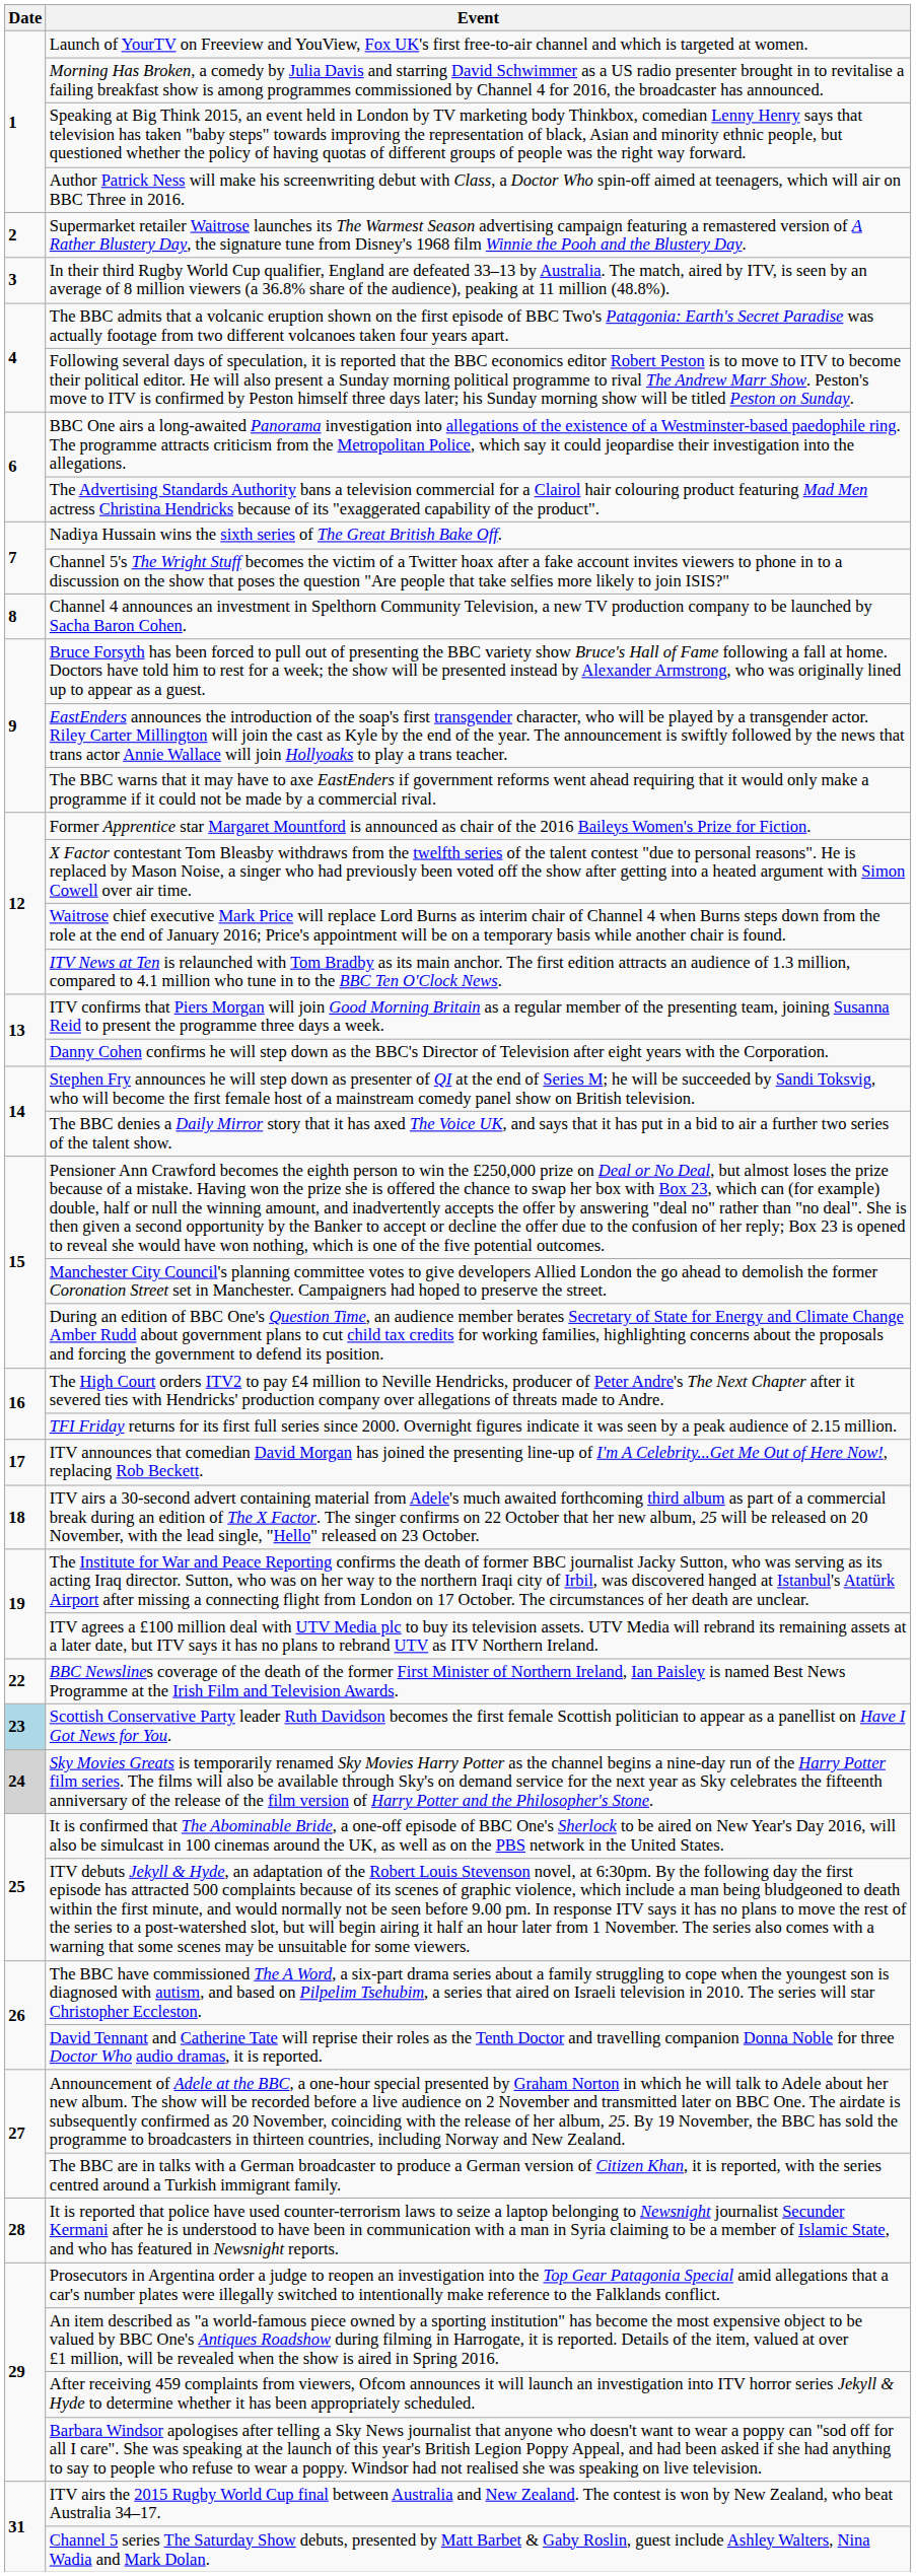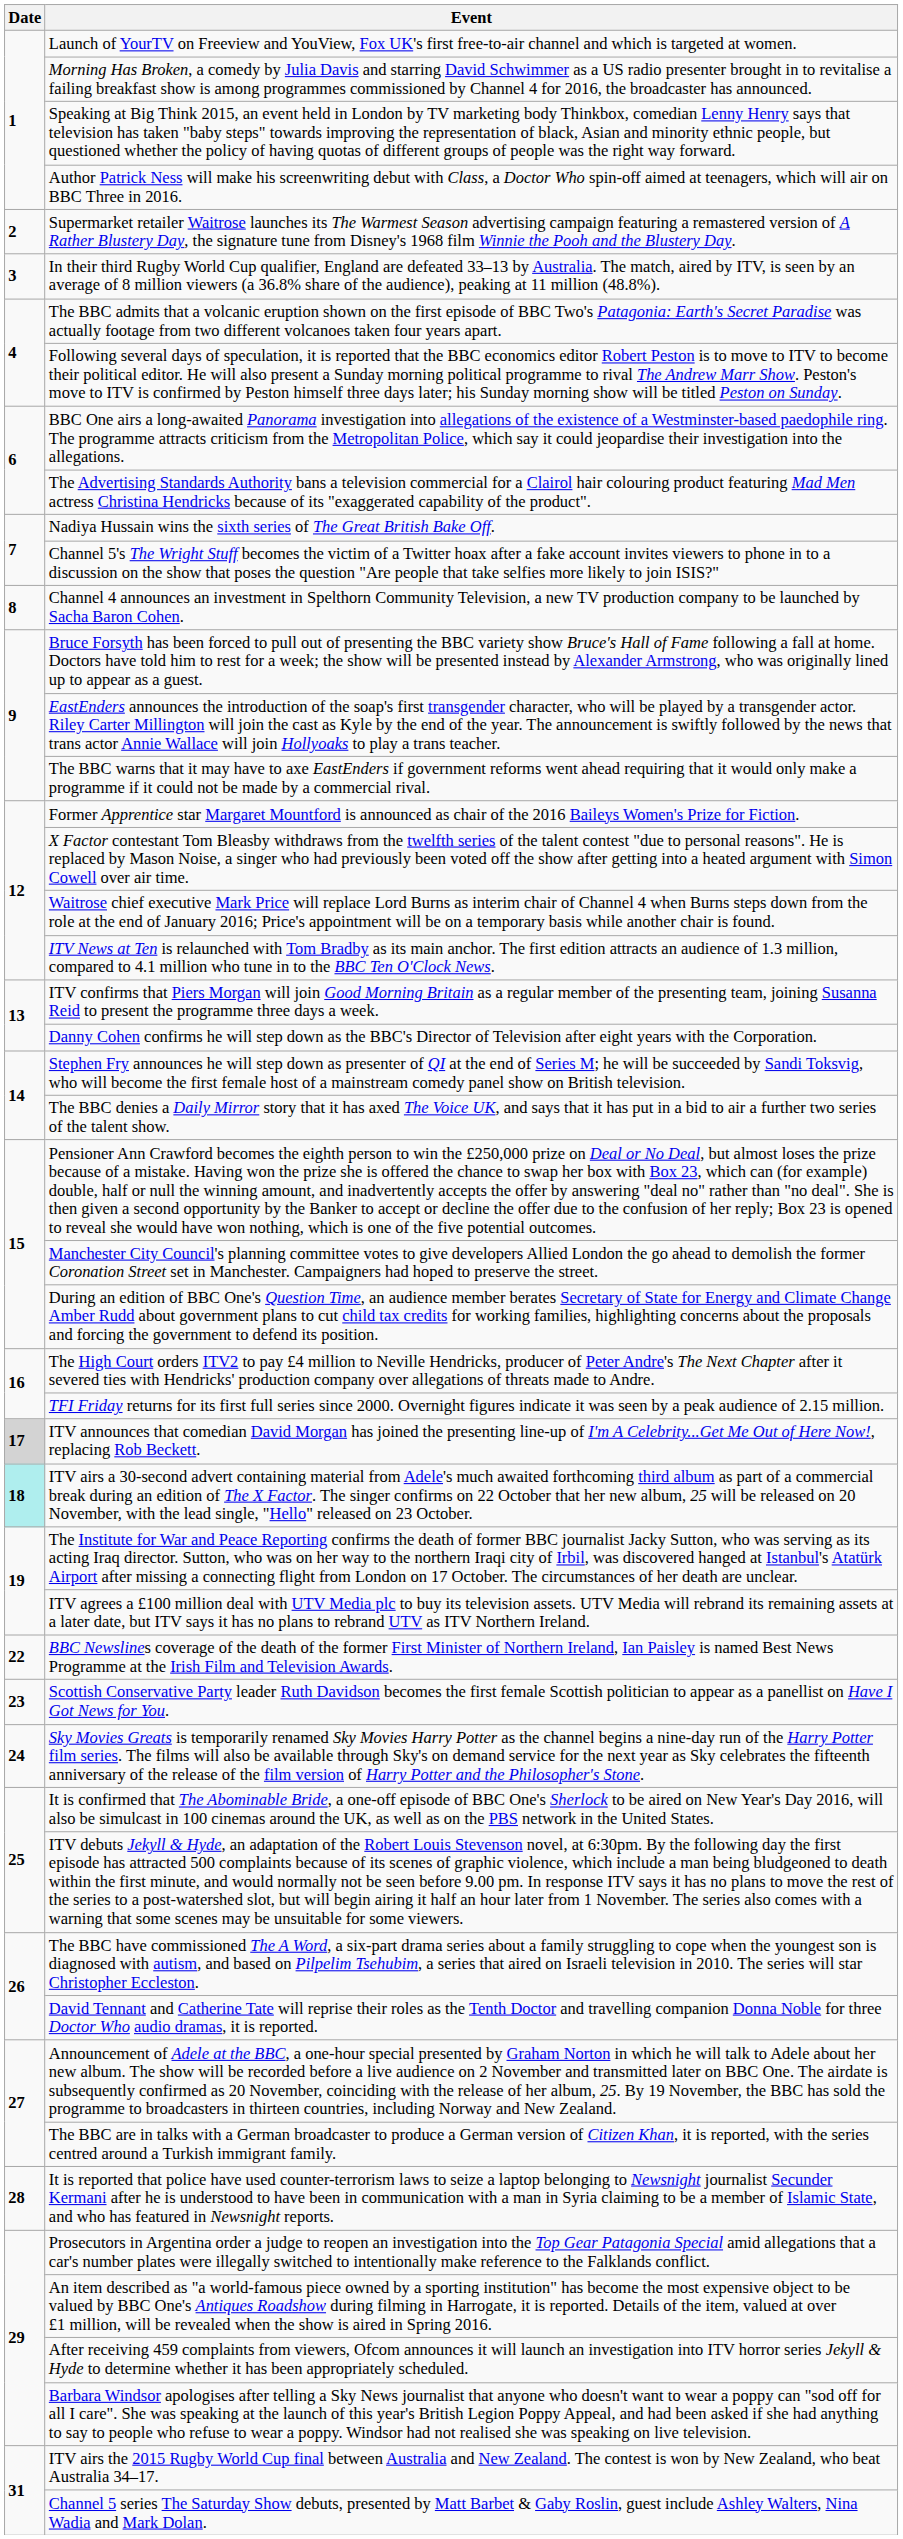 <table class="wikitable">
 <tr>
 <th>Date</th>
 <th>Event</th>
 </tr>
 <tr>
 <td rowspan=4><strong>1</strong></td>
 <td>Launch of <a href='#'>YourTV</a> on Freeview and YouView, <a href='#'>Fox UK</a>'s first free-to-air channel and which is targeted at women.</td>
 </tr>
 <tr>
 <td><em>Morning Has Broken</em>, a comedy by <a href='#'>Julia Davis</a> and starring <a href='#'>David Schwimmer</a> as a US radio presenter brought in to revitalise a failing breakfast show is among programmes commissioned by Channel 4 for 2016, the broadcaster has announced.</td>
 </tr>
 <tr>
 <td>Speaking at Big Think 2015, an event held in London by TV marketing body Thinkbox, comedian <a href='#'>Lenny Henry</a> says that television has taken "baby steps" towards improving the representation of black, Asian and minority ethnic people, but questioned whether the policy of having quotas of different groups of people was the right way forward.</td>
 </tr>
 <tr>
 <td>Author <a href='#'>Patrick Ness</a> will make his screenwriting debut with <em>Class</em>, a <em>Doctor Who</em> spin-off aimed at teenagers, which will air on BBC Three in 2016.</td>
 </tr>
 <tr>
 <td><strong>2</strong></td>
 <td>Supermarket retailer <a href='#'>Waitrose</a> launches its <em>The Warmest Season</em> advertising campaign featuring a remastered version of <em><a href='#'>A Rather Blustery Day</a></em>, the signature tune from Disney's 1968 film <em><a href='#'>Winnie the Pooh and the Blustery Day</a></em>.</td>
 </tr>
 <tr>
 <td><strong>3</strong></td>
 <td>In their third Rugby World Cup qualifier, England are defeated 33–13 by <a href='#'>Australia</a>. The match, aired by ITV, is seen by an average of 8 million viewers (a 36.8% share of the audience), peaking at 11 million (48.8%).</td>
 </tr>
 <tr>
 <td rowspan=2><strong>4</strong></td>
 <td>The BBC admits that a volcanic eruption shown on the first episode of BBC Two's <em><a href='#'>Patagonia: Earth's Secret Paradise</a></em> was actually footage from two different volcanoes taken four years apart.</td>
 </tr>
 <tr>
 <td>Following several days of speculation, it is reported that the BBC economics editor <a href='#'>Robert Peston</a> is to move to ITV to become their political editor. He will also present a Sunday morning political programme to rival <em><a href='#'>The Andrew Marr Show</a></em>. Peston's move to ITV is confirmed by Peston himself three days later; his Sunday morning show will be titled <em><a href='#'>Peston on Sunday</a></em>.</td>
 </tr>
 <tr>
 <td rowspan=2><strong>6</strong></td>
 <td>BBC One airs a long-awaited <em><a href='#'>Panorama</a></em> investigation into <a href='#'>allegations of the existence of a Westminster-based paedophile ring</a>. The programme attracts criticism from the <a href='#'>Metropolitan Police</a>, which say it could jeopardise their investigation into the allegations.</td>
 </tr>
 <tr>
 <td>The <a href='#'>Advertising Standards Authority</a> bans a television commercial for a <a href='#'>Clairol</a> hair colouring product featuring <em><a href='#'>Mad Men</a></em> actress <a href='#'>Christina Hendricks</a> because of its "exaggerated capability of the product".</td>
 </tr>
 <tr>
 <td rowspan=2><strong>7</strong></td>
 <td>Nadiya Hussain wins the <a href='#'>sixth series</a> of <em><a href='#'>The Great British Bake Off</a></em>.</td>
 </tr>
 <tr>
 <td>Channel 5's <em><a href='#'>The Wright Stuff</a></em> becomes the victim of a Twitter hoax after a fake account invites viewers to phone in to a discussion on the show that poses the question "Are people that take selfies more likely to join ISIS?"</td>
 </tr>
 <tr>
 <td><strong>8</strong></td>
 <td>Channel 4 announces an investment in Spelthorn Community Television, a new TV production company to be launched by <a href='#'>Sacha Baron Cohen</a>.</td>
 </tr>
 <tr>
 <td rowspan=3><strong>9</strong></td>
 <td><a href='#'>Bruce Forsyth</a> has been forced to pull out of presenting the BBC variety show <em>Bruce's Hall of Fame</em> following a fall at home. Doctors have told him to rest for a week; the show will be presented instead by <a href='#'>Alexander Armstrong</a>, who was originally lined up to appear as a guest.</td>
 </tr>
 <tr>
 <td><em><a href='#'>EastEnders</a></em> announces the introduction of the soap's first <a href='#'>transgender</a> character, who will be played by a transgender actor. <a href='#'>Riley Carter Millington</a> will join the cast as Kyle by the end of the year. The announcement is swiftly followed by the news that trans actor <a href='#'>Annie Wallace</a> will join <em><a href='#'>Hollyoaks</a></em> to play a trans teacher.</td>
 </tr>
 <tr>
 <td>The BBC warns that it may have to axe <em>EastEnders</em> if government reforms went ahead requiring that it would only make a programme if it could not be made by a commercial rival.</td>
 </tr>
 <tr>
 <td rowspan=4><strong>12</strong></td>
 <td>Former <em>Apprentice</em> star <a href='#'>Margaret Mountford</a> is announced as chair of the 2016 <a href='#'>Baileys Women's Prize for Fiction</a>.</td>
 </tr>
 <tr>
 <td><em>X Factor</em> contestant Tom Bleasby withdraws from the <a href='#'>twelfth series</a> of the talent contest "due to personal reasons". He is replaced by Mason Noise, a singer who had previously been voted off the show after getting into a heated argument with <a href='#'>Simon Cowell</a> over air time.</td>
 </tr>
 <tr>
 <td><a href='#'>Waitrose</a> chief executive <a href='#'>Mark Price</a> will replace Lord Burns as interim chair of Channel 4 when Burns steps down from the role at the end of January 2016; Price's appointment will be on a temporary basis while another chair is found.</td>
 </tr>
 <tr>
 <td><em><a href='#'>ITV News at Ten</a></em> is relaunched with <a href='#'>Tom Bradby</a> as its main anchor. The first edition attracts an audience of 1.3 million, compared to 4.1 million who tune in to the <em><a href='#'>BBC Ten O'Clock News</a></em>.</td>
 </tr>
 <tr>
 <td rowspan=2><strong>13</strong></td>
 <td>ITV confirms that <a href='#'>Piers Morgan</a> will join <em><a href='#'>Good Morning Britain</a></em> as a regular member of the presenting team, joining <a href='#'>Susanna Reid</a> to present the programme three days a week.</td>
 </tr>
 <tr>
 <td><a href='#'>Danny Cohen</a> confirms he will step down as the BBC's Director of Television after eight years with the Corporation.</td>
 </tr>
 <tr>
 <td rowspan=2><strong>14</strong></td>
 <td><a href='#'>Stephen Fry</a> announces he will step down as presenter of <em><a href='#'>QI</a></em> at the end of <a href='#'>Series M</a>; he will be succeeded by <a href='#'>Sandi Toksvig</a>, who will become the first female host of a mainstream comedy panel show on British television.</td>
 </tr>
 <tr>
 <td>The BBC denies a <em><a href='#'>Daily Mirror</a></em> story that it has axed <em><a href='#'>The Voice UK</a></em>, and says that it has put in a bid to air a further two series of the talent show.</td>
 </tr>
 <tr>
 <td rowspan=3><strong>15</strong></td>
 <td>Pensioner Ann Crawford becomes the eighth person to win the £250,000 prize on <em><a href='#'>Deal or No Deal</a></em>, but almost loses the prize because of a mistake. Having won the prize she is offered the chance to swap her box with <a href='#'>Box 23</a>, which can (for example) double, half or null the winning amount, and inadvertently accepts the offer by answering "deal no" rather than "no deal". She is then given a second opportunity by the Banker to accept or decline the offer due to the confusion of her reply; Box 23 is opened to reveal she would have won nothing, which is one of the five potential outcomes.</td>
 </tr>
 <tr>
 <td><a href='#'>Manchester City Council</a>'s planning committee votes to give developers Allied London the go ahead to demolish the former <em>Coronation Street</em> set in Manchester. Campaigners had hoped to preserve the street.</td>
 </tr>
 <tr>
 <td>During an edition of BBC One's <em><a href='#'>Question Time</a></em>, an audience member berates <a href='#'>Secretary of State for Energy and Climate Change</a> <a href='#'>Amber Rudd</a> about government plans to cut <a href='#'>child tax credits</a> for working families, highlighting concerns about the proposals and forcing the government to defend its position.</td>
 </tr>
 <tr>
 <td rowspan=2><strong>16</strong></td>
 <td>The <a href='#'>High Court</a> orders <a href='#'>ITV2</a> to pay £4 million to Neville Hendricks, producer of <a href='#'>Peter Andre</a>'s <em>The Next Chapter</em> after it severed ties with Hendricks' production company over allegations of threats made to Andre.</td>
 </tr>
 <tr>
 <td><em><a href='#'>TFI Friday</a></em> returns for its first full series since 2000. Overnight figures indicate it was seen by a peak audience of 2.15 million.</td>
 </tr>
 <tr>
-<td><strong>17</strong></td>
+<td style="background: lightgrey;"><strong>17</strong></td>
 <td>ITV announces that comedian <a href='#'>David Morgan</a> has joined the presenting line-up of <em><a href='#'>I'm A Celebrity...Get Me Out of Here Now!</a></em>, replacing <a href='#'>Rob Beckett</a>.</td>
 </tr>
 <tr>
-<td><strong>18</strong></td>
+<td style="background: paleturquoise;"><strong>18</strong></td>
 <td>ITV airs a 30-second advert containing material from <a href='#'>Adele</a>'s much awaited forthcoming <a href='#'>third album</a> as part of a commercial break during an edition of <em><a href='#'>The X Factor</a></em>. The singer confirms on 22 October that her new album, <em>25</em> will be released on 20 November, with the lead single, "<a href='#'>Hello</a>" released on 23 October.</td>
 </tr>
 <tr>
 <td rowspan=2><strong>19</strong></td>
 <td>The <a href='#'>Institute for War and Peace Reporting</a> confirms the death of former BBC journalist Jacky Sutton, who was serving as its acting Iraq director. Sutton, who was on her way to the northern Iraqi city of <a href='#'>Irbil</a>, was discovered hanged at <a href='#'>Istanbul</a>'s <a href='#'>Atatürk Airport</a> after missing a connecting flight from London on 17 October. The circumstances of her death are unclear.</td>
 </tr>
 <tr>
 <td>ITV agrees a £100 million deal with <a href='#'>UTV Media plc</a> to buy its television assets. UTV Media will rebrand its remaining assets at a later date, but ITV says it has no plans to rebrand <a href='#'>UTV</a> as ITV Northern Ireland.</td>
 </tr>
 <tr>
 <td><strong>22</strong></td>
 <td><em><a href='#'>BBC Newsline</a></em>s coverage of the death of the former <a href='#'>First Minister of Northern Ireland</a>, <a href='#'>Ian Paisley</a> is named Best News Programme at the <a href='#'>Irish Film and Television Awards</a>.</td>
 </tr>
 <tr>
-<td style="background: lightblue;"><strong>23</strong></td>
+<td><strong>23</strong></td>
 <td><a href='#'>Scottish Conservative Party</a> leader <a href='#'>Ruth Davidson</a> becomes the first female Scottish politician to appear as a panellist on <em><a href='#'>Have I Got News for You</a></em>.</td>
 </tr>
 <tr>
-<td style="background: lightgrey;"><strong>24</strong></td>
+<td><strong>24</strong></td>
 <td><em><a href='#'>Sky Movies Greats</a></em> is temporarily renamed <em>Sky Movies Harry Potter</em> as the channel begins a nine-day run of the <a href='#'><em>Harry Potter</em> film series</a>. The films will also be available through Sky's on demand service for the next year as Sky celebrates the fifteenth anniversary of the release of the <a href='#'>film version</a> of <em><a href='#'>Harry Potter and the Philosopher's Stone</a></em>.</td>
 </tr>
 <tr>
 <td rowspan=2><strong>25</strong></td>
 <td>It is confirmed that <em><a href='#'>The Abominable Bride</a></em>, a one-off episode of BBC One's <em><a href='#'>Sherlock</a></em> to be aired on New Year's Day 2016, will also be simulcast in 100 cinemas around the UK, as well as on the <a href='#'>PBS</a> network in the United States.</td>
 </tr>
 <tr>
 <td>ITV debuts <em><a href='#'>Jekyll & Hyde</a></em>, an adaptation of the <a href='#'>Robert Louis Stevenson</a> novel, at 6:30pm. By the following day the first episode has attracted 500 complaints because of its scenes of graphic violence, which include a man being bludgeoned to death within the first minute, and would normally not be seen before 9.00 pm. In response ITV says it has no plans to move the rest of the series to a post-watershed slot, but will begin airing it half an hour later from 1 November. The series also comes with a warning that some scenes may be unsuitable for some viewers.</td>
 </tr>
 <tr>
 <td rowspan=2><strong>26</strong></td>
 <td>The BBC have commissioned <em><a href='#'>The A Word</a></em>, a six-part drama series about a family struggling to cope when the youngest son is diagnosed with <a href='#'>autism</a>, and based on <a href='#'><em>Pilpelim Tsehubim</em></a>, a series that aired on Israeli television in 2010. The series will star <a href='#'>Christopher Eccleston</a>.</td>
 </tr>
 <tr>
 <td><a href='#'>David Tennant</a> and <a href='#'>Catherine Tate</a> will reprise their roles as the <a href='#'>Tenth Doctor</a> and travelling companion <a href='#'>Donna Noble</a> for three <em><a href='#'>Doctor Who</a></em> <a href='#'>audio dramas</a>, it is reported.</td>
 </tr>
 <tr>
 <td rowspan=2><strong>27</strong></td>
 <td>Announcement of <em><a href='#'>Adele at the BBC</a></em>, a one-hour special presented by <a href='#'>Graham Norton</a> in which he will talk to Adele about her new album. The show will be recorded before a live audience on 2 November and transmitted later on BBC One. The airdate is subsequently confirmed as 20 November, coinciding with the release of her album, <em>25</em>. By 19 November, the BBC has sold the programme to broadcasters in thirteen countries, including Norway and New Zealand.</td>
 </tr>
 <tr>
 <td>The BBC are in talks with a German broadcaster to produce a German version of <em><a href='#'>Citizen Khan</a></em>, it is reported, with the series centred around a Turkish immigrant family.</td>
 </tr>
 <tr>
 <td><strong>28</strong></td>
 <td>It is reported that police have used counter-terrorism laws to seize a laptop belonging to <em><a href='#'>Newsnight</a></em> journalist <a href='#'>Secunder Kermani</a> after he is understood to have been in communication with a man in Syria claiming to be a member of <a href='#'>Islamic State</a>, and who has featured in <em>Newsnight</em> reports.</td>
 </tr>
 <tr>
 <td rowspan=4><strong>29</strong></td>
 <td>Prosecutors in Argentina order a judge to reopen an investigation into the <em><a href='#'>Top Gear Patagonia Special</a></em> amid allegations that a car's number plates were illegally switched to intentionally make reference to the Falklands conflict.</td>
 </tr>
 <tr>
 <td>An item described as "a world-famous piece owned by a sporting institution" has become the most expensive object to be valued by BBC One's <em><a href='#'>Antiques Roadshow</a></em> during filming in Harrogate, it is reported. Details of the item, valued at over £1 million, will be revealed when the show is aired in Spring 2016.</td>
 </tr>
 <tr>
 <td>After receiving 459 complaints from viewers, Ofcom announces it will launch an investigation into ITV horror series <em>Jekyll & Hyde</em> to determine whether it has been appropriately scheduled.</td>
 </tr>
 <tr>
 <td><a href='#'>Barbara Windsor</a> apologises after telling a Sky News journalist that anyone who doesn't want to wear a poppy can "sod off for all I care". She was speaking at the launch of this year's British Legion Poppy Appeal, and had been asked if she had anything to say to people who refuse to wear a poppy. Windsor had not realised she was speaking on live television.</td>
 </tr>
 <tr>
 <td rowspan="2"><strong>31</strong></td>
 <td>ITV airs the <a href='#'>2015 Rugby World Cup final</a> between <a href='#'>Australia</a> and <a href='#'>New Zealand</a>. The contest is won by New Zealand, who beat Australia 34–17.</td>
 </tr>
 <tr>
 <td><a href='#'>Channel 5</a> series <a href='#'>The Saturday Show</a> debuts, presented by <a href='#'>Matt Barbet</a> & <a href='#'>Gaby Roslin</a>, guest include <a href='#'>Ashley Walters</a>, <a href='#'>Nina Wadia</a> and <a href='#'>Mark Dolan</a>.</td>
 </tr>
 </table>
